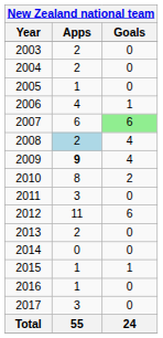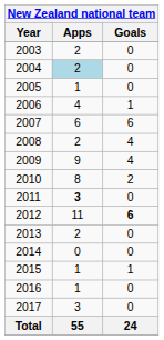 <table class="wikitable" style="text-align:center">
 <tr>
 <th colspan=3><a href='#'>New Zealand national team</a></th>
 </tr>
 <tr>
 <th>Year</th>
 <th>Apps</th>
 <th>Goals</th>
 </tr>
 <tr>
 </tr>
 <tr>
 <td>2003</td>
 <td>2</td>
 <td>0</td>
 </tr>
 <tr>
 <td>2004</td>
-<td>2</td>
+<td style="background: lightblue;">2</td>
 <td>0</td>
 </tr>
 <tr>
 <td>2005</td>
 <td>1</td>
 <td>0</td>
 </tr>
 <tr>
 <td>2006</td>
 <td>4</td>
 <td>1</td>
 </tr>
 <tr>
 <td>2007</td>
 <td>6</td>
-<td style="background: lightgreen;">6</td>
+<td>6</td>
 </tr>
 <tr>
 <td>2008</td>
-<td style="background: lightblue;">2</td>
+<td>2</td>
 <td>4</td>
 </tr>
 <tr>
 <td>2009</td>
-<td><strong>9</strong></td>
+<td>9</td>
 <td>4</td>
 </tr>
 <tr>
 <td>2010</td>
 <td>8</td>
 <td>2</td>
 </tr>
 <tr>
 <td>2011</td>
-<td>3</td>
+<td><strong>3</strong></td>
 <td>0</td>
 </tr>
 <tr>
 <td>2012</td>
 <td>11</td>
-<td>6</td>
+<td><strong>6</strong></td>
 </tr>
 <tr>
 <td>2013</td>
 <td>2</td>
 <td>0</td>
 </tr>
 <tr>
 <td>2014</td>
 <td>0</td>
 <td>0</td>
 </tr>
 <tr>
 <td>2015</td>
 <td>1</td>
 <td>1</td>
 </tr>
 <tr>
 <td>2016</td>
 <td>1</td>
 <td>0</td>
 </tr>
 <tr>
 <td>2017</td>
 <td>3</td>
 <td>0</td>
 </tr>
 <tr>
 <th>Total</th>
 <th>55</th>
 <th>24</th>
 </tr>
 <tr>
 </tr>
 </table>
